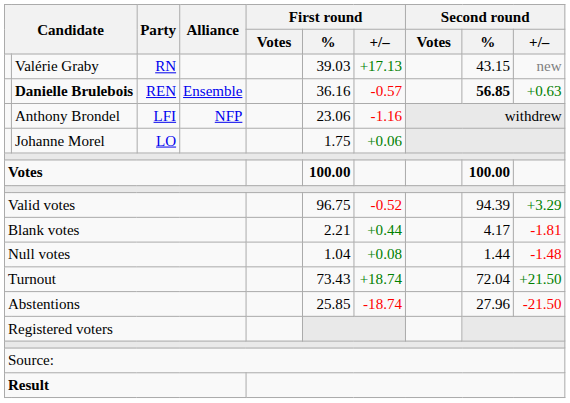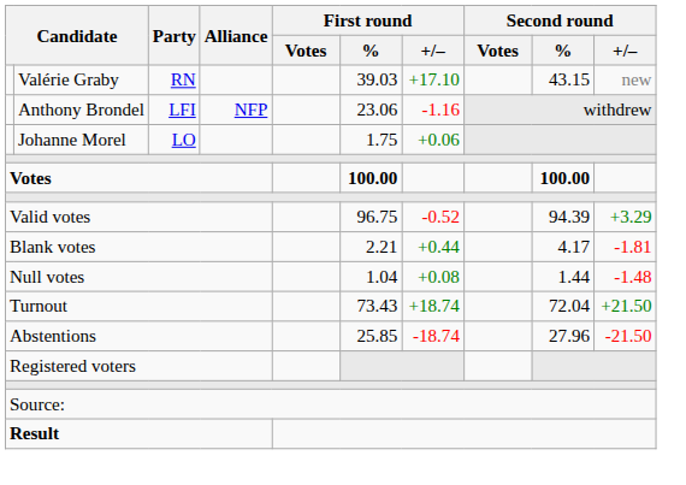 <table class="wikitable" style="text-align:right;font-size:95%;">
 <tr>
 <th rowspan="2" colspan="2">Candidate</th>
 <th colspan="1" rowspan="2">Party</th>
 <th colspan="1" rowspan="2">Alliance</th>
 <th colspan="3">First round</th>
 <th colspan="3">Second round</th>
 </tr>
 <tr>
 <th style="width:50px;">Votes</th>
 <th style="width:45px;">%</th>
 <th style="width:45px;">+/–</th>
 <th style="width:50px;">Votes</th>
 <th style="width:45px;">%</th>
 <th style="width:45px;">+/–</th>
 </tr>
 <tr>
 <td style="color:inherit;background:"></td>
 <td style="text-align:left;">Valérie Graby</td>
 <td><a href='#'>RN</a></td>
 <td></td>
 <td></td>
 <td>39.03</td>
-<td style="color:green;">+17.13</td>
+<td style="color:green;">+17.10</td>
 <td></td>
 <td>43.15</td>
 <td style="color:grey;">new</td>
-</tr>
-<tr>
-<td style="background:"></td>
-<td style="text-align:left;"><strong>Danielle Brulebois</strong></td>
-<td><a href='#'>REN</a></td>
-<td><a href='#'>Ensemble</a></td>
-<td></td>
-<td>36.16</td>
-<td style="color:red;">-0.57</td>
-<td><strong></strong></td>
-<td><strong>56.85</strong></td>
-<td style="color:green;">+0.63</td>
 </tr>
 <tr>
 <td style="color:inherit;background:"></td>
 <td style="text-align:left;">Anthony Brondel</td>
 <td><a href='#'>LFI</a></td>
 <td><a href='#'>NFP</a></td>
 <td></td>
 <td>23.06</td>
 <td style="color:red;">-1.16</td>
 <td colspan="3" style="background:#E9E9E9;">withdrew</td>
 </tr>
 <tr>
 <td style="color:inherit;background:"></td>
 <td style="text-align:left;">Johanne Morel</td>
 <td><a href='#'>LO</a></td>
 <td></td>
 <td></td>
 <td>1.75</td>
 <td style="color:green;">+0.06</td>
 <td colspan="3" style="background:#E9E9E9;"></td>
 </tr>
 <tr>
 <td colspan="10" style="background:#E9E9E9;"></td>
 </tr>
 <tr style="font-weight:bold;">
 <td colspan="4" style="text-align:left;">Votes</td>
 <td></td>
 <td>100.00</td>
 <td></td>
 <td></td>
 <td>100.00</td>
 <td></td>
 </tr>
 <tr>
 <td colspan="10" style="background:#E9E9E9;"></td>
 </tr>
 <tr>
 <td colspan="4" style="text-align:left;">Valid votes</td>
 <td></td>
 <td>96.75</td>
 <td style="color:red;">-0.52</td>
 <td></td>
 <td>94.39</td>
 <td style="color:green;">+3.29</td>
 </tr>
 <tr>
 <td colspan="4" style="text-align:left;">Blank votes</td>
 <td></td>
 <td>2.21</td>
 <td style="color:green;">+0.44</td>
 <td></td>
 <td>4.17</td>
 <td style="color:red;">-1.81</td>
 </tr>
 <tr>
 <td colspan="4" style="text-align:left;">Null votes</td>
 <td></td>
 <td>1.04</td>
 <td style="color:green;">+0.08</td>
 <td></td>
 <td>1.44</td>
 <td style="color:red;">-1.48</td>
 </tr>
 <tr>
 <td colspan="4" style="text-align:left;">Turnout</td>
 <td></td>
 <td>73.43</td>
 <td style="color:green;">+18.74</td>
 <td></td>
 <td>72.04</td>
 <td style="color:green;">+21.50</td>
 </tr>
 <tr>
 <td colspan="4" style="text-align:left;">Abstentions</td>
 <td></td>
 <td>25.85</td>
 <td style="color:red;">-18.74</td>
 <td></td>
 <td>27.96</td>
 <td style="color:red;">-21.50</td>
 </tr>
 <tr>
 <td colspan="4" style="text-align:left;">Registered voters</td>
 <td></td>
 <td colspan="2" style="background:#E9E9E9;"></td>
 <td></td>
 <td colspan="2" style="background:#E9E9E9;"></td>
 </tr>
 <tr>
 <td colspan="10" style="background:#E9E9E9;"></td>
 </tr>
 <tr>
 <td colspan="10" style="text-align:left;">Source: </td>
 </tr>
 <tr style="font-weight:bold">
 <td colspan="4" style="text-align:left;">Result</td>
 <td colspan="6" style="background-color:"></td>
 </tr>
 </table>
